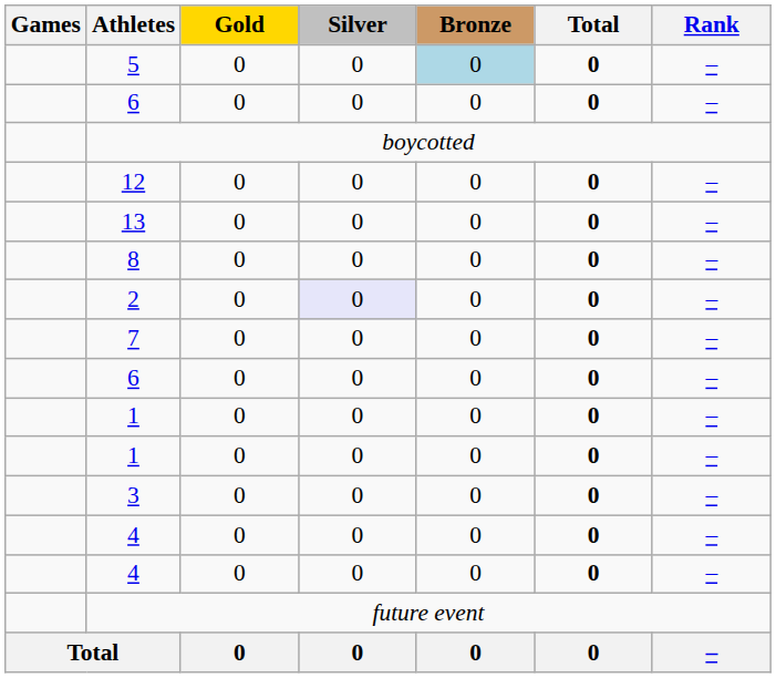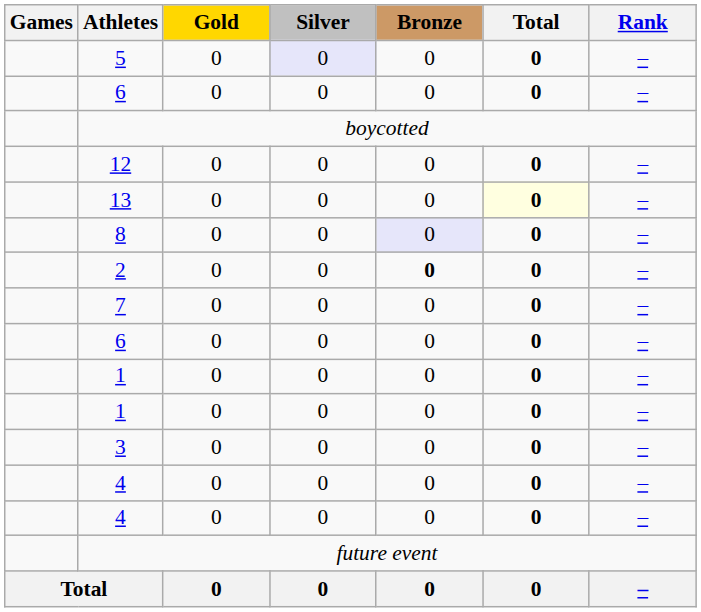 <table class="wikitable" style="text-align:center; font-size:90%;">
 <tr>
 <th>Games</th>
 <th>Athletes</th>
 <td style="background:gold; width:4.5em; font-weight:bold;">Gold</td>
 <td style="background:silver; width:4.5em; font-weight:bold;">Silver</td>
 <td style="background:#cc9966; width:4.5em; font-weight:bold;">Bronze</td>
 <th style="width:4.5em; font-weight:bold;">Total</th>
 <th style="width:4.5em; font-weight:bold;"><a href='#'>Rank</a></th>
 </tr>
 <tr>
 <td align=left></td>
 <td><a href='#'>5</a></td>
 <td>0</td>
+<td style="background: lavender;">0</td>
 <td>0</td>
-<td style="background: lightblue;">0</td>
 <td><strong>0</strong></td>
 <td><a href='#'>–</a></td>
 </tr>
 <tr>
 <td align=left></td>
 <td><a href='#'>6</a></td>
 <td>0</td>
 <td>0</td>
 <td>0</td>
 <td><strong>0</strong></td>
 <td><a href='#'>–</a></td>
 </tr>
 <tr>
 <td align=left></td>
 <td colspan = 7><em>boycotted</em></td>
 </tr>
 <tr>
 <td align=left></td>
 <td><a href='#'>12</a></td>
 <td>0</td>
 <td>0</td>
 <td>0</td>
 <td><strong>0</strong></td>
 <td><a href='#'>–</a></td>
 </tr>
 <tr>
 <td align=left></td>
 <td><a href='#'>13</a></td>
 <td>0</td>
 <td>0</td>
 <td>0</td>
-<td><strong>0</strong></td>
+<td style="background: lightyellow;"><strong>0</strong></td>
 <td><a href='#'>–</a></td>
 </tr>
 <tr>
 <td align=left></td>
 <td><a href='#'>8</a></td>
 <td>0</td>
 <td>0</td>
-<td>0</td>
+<td style="background: lavender;">0</td>
 <td><strong>0</strong></td>
 <td><a href='#'>–</a></td>
 </tr>
 <tr>
 <td align=left></td>
 <td><a href='#'>2</a></td>
 <td>0</td>
-<td style="background: lavender;">0</td>
 <td>0</td>
+<td><strong>0</strong></td>
 <td><strong>0</strong></td>
 <td><a href='#'>–</a></td>
 </tr>
 <tr>
 <td align=left></td>
 <td><a href='#'>7</a></td>
 <td>0</td>
 <td>0</td>
 <td>0</td>
 <td><strong>0</strong></td>
 <td><a href='#'>–</a></td>
 </tr>
 <tr>
 <td align=left></td>
 <td><a href='#'>6</a></td>
 <td>0</td>
 <td>0</td>
 <td>0</td>
 <td><strong>0</strong></td>
 <td><a href='#'>–</a></td>
 </tr>
 <tr>
 <td align=left></td>
 <td><a href='#'>1</a></td>
 <td>0</td>
 <td>0</td>
 <td>0</td>
 <td><strong>0</strong></td>
 <td><a href='#'>–</a></td>
 </tr>
 <tr>
 <td align=left></td>
 <td><a href='#'>1</a></td>
 <td>0</td>
 <td>0</td>
 <td>0</td>
 <td><strong>0</strong></td>
 <td><a href='#'>–</a></td>
 </tr>
 <tr>
 <td align=left></td>
 <td><a href='#'>3</a></td>
 <td>0</td>
 <td>0</td>
 <td>0</td>
 <td><strong>0</strong></td>
 <td><a href='#'>–</a></td>
 </tr>
 <tr>
 <td align=left></td>
 <td><a href='#'>4</a></td>
 <td>0</td>
 <td>0</td>
 <td>0</td>
 <td><strong>0</strong></td>
 <td><a href='#'>–</a></td>
 </tr>
 <tr>
 <td align=left></td>
 <td><a href='#'>4</a></td>
 <td>0</td>
 <td>0</td>
 <td>0</td>
 <td><strong>0</strong></td>
 <td><a href='#'>–</a></td>
 </tr>
 <tr>
 <td align=left></td>
 <td colspan=6><em>future event</em></td>
 </tr>
 <tr>
 <th colspan=2>Total</th>
 <th>0</th>
 <th>0</th>
 <th>0</th>
 <th>0</th>
 <th><a href='#'>–</a></th>
 </tr>
 </table>
